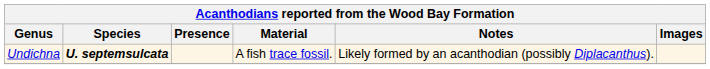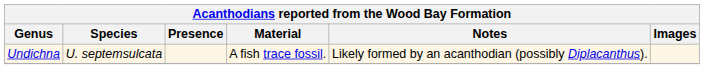 <table class="wikitable" align="center">
 <tr>
 <th colspan="6" align="center"><strong><a href='#'>Acanthodians</a> reported from the Wood Bay Formation</strong></th>
 </tr>
 <tr>
 <th>Genus</th>
 <th>Species</th>
 <th>Presence</th>
 <th><strong>Material</strong></th>
 <th>Notes</th>
 <th>Images</th>
 </tr>
 <tr>
 <td style="background:#FEF6E4;"><em><a href='#'>Undichna</a></em></td>
-<td style="background:#FEF6E4;"><strong><em>U. septemsulcata</em></strong></td>
+<td style="background:#FEF6E4;"><em>U. septemsulcata</em></td>
 <td style="background:#FEF6E4;"></td>
 <td style="background:#FEF6E4;">A fish <a href='#'>trace fossil</a>.</td>
 <td style="background:#FEF6E4;">Likely formed by an acanthodian (possibly <em><a href='#'>Diplacanthus</a></em>).</td>
 <td style="background:#FEF6E4;"></td>
 </tr>
 <tr>
 </tr>
 </table>
